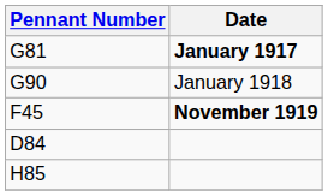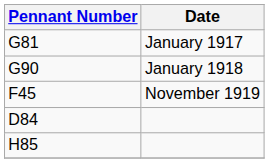 <table class="wikitable" style="text-align:left">
 <tr>
 <th><a href='#'>Pennant Number</a></th>
 <th>Date</th>
 </tr>
 <tr>
 <td>G81</td>
-<td><strong>January 1917</strong></td>
+<td>January 1917</td>
 </tr>
 <tr>
 <td>G90</td>
 <td>January 1918</td>
 </tr>
 <tr>
 <td>F45</td>
-<td><strong>November 1919</strong></td>
+<td>November 1919</td>
 </tr>
 <tr>
 <td>D84</td>
 <td></td>
 </tr>
 <tr>
 <td>H85</td>
 <td></td>
 </tr>
 <tr>
 </tr>
 </table>
